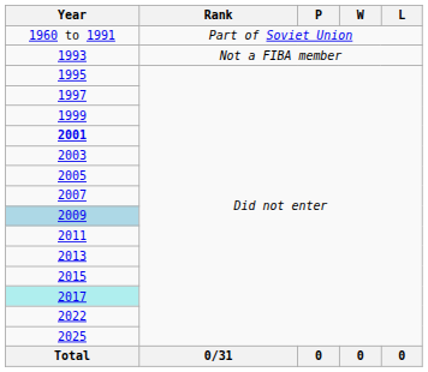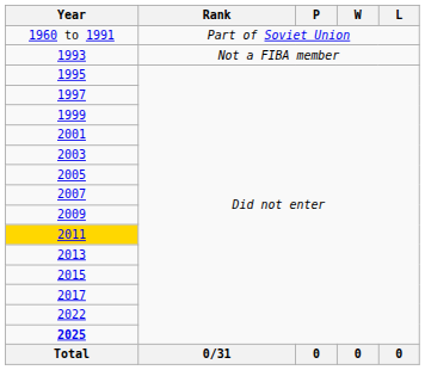 <table class="wikitable" style="text-align: center;font-size:90%;">
 <tr>
 <th width=125>Year</th>
 <th width=150>Rank</th>
 <th width=35>P</th>
 <th width=35>W</th>
 <th width=35>L</th>
 </tr>
 <tr>
 <td><a href='#'>1960</a> to <a href='#'>1991</a></td>
 <td colspan=4><em>Part of <a href='#'>Soviet Union</a></em></td>
 </tr>
 <tr>
 <td> <a href='#'>1993</a></td>
 <td colspan=4><em>Not a FIBA member</em></td>
 </tr>
 <tr>
 <td> <a href='#'>1995</a></td>
 <td rowspan=14 colspan=4><em>Did not enter</em></td>
 </tr>
 <tr>
 <td> <a href='#'>1997</a></td>
 </tr>
 <tr>
 <td> <a href='#'>1999</a></td>
 </tr>
 <tr>
-<td><strong> <a href='#'>2001</a></strong></td>
+<td> <a href='#'>2001</a></td>
 </tr>
 <tr>
 <td> <a href='#'>2003</a></td>
 </tr>
 <tr>
 <td> <a href='#'>2005</a></td>
 </tr>
 <tr>
 <td> <a href='#'>2007</a></td>
 </tr>
 <tr>
-<td style="background: lightblue;"> <a href='#'>2009</a></td>
+<td> <a href='#'>2009</a></td>
 </tr>
 <tr>
-<td> <a href='#'>2011</a></td>
+<td style="background: gold;"> <a href='#'>2011</a></td>
 </tr>
 <tr>
 <td> <a href='#'>2013</a></td>
 </tr>
 <tr>
 <td> <a href='#'>2015</a></td>
 </tr>
 <tr>
-<td style="background: paleturquoise;"> <a href='#'>2017</a></td>
+<td> <a href='#'>2017</a></td>
 </tr>
 <tr>
 <td> <a href='#'>2022</a></td>
 </tr>
 <tr>
-<td> <a href='#'>2025</a></td>
+<td><strong> <a href='#'>2025</a></strong></td>
 </tr>
 <tr>
 <th>Total</th>
 <th>0/31</th>
 <th>0</th>
 <th>0</th>
 <th>0</th>
 </tr>
 </table>
